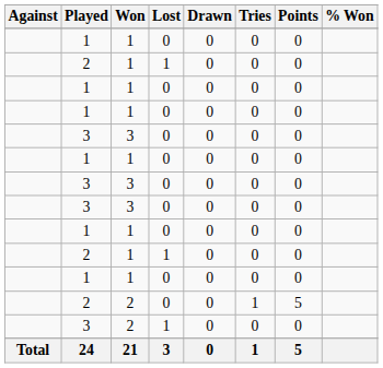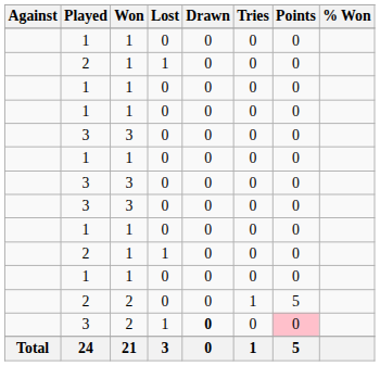 <table class="sortable wikitable" style="text-align: center;">
 <tr>
 </tr>
 <tr>
 <th>Against</th>
 <th>Played</th>
 <th>Won</th>
 <th>Lost</th>
 <th>Drawn</th>
 <th>Tries</th>
 <th>Points</th>
 <th>% Won</th>
 </tr>
 <tr bgcolor="#d0ffd0" align="center">
 </tr>
 <tr>
 <td align="left"></td>
 <td>1</td>
 <td>1</td>
 <td>0</td>
 <td>0</td>
 <td>0</td>
 <td>0</td>
 <td></td>
 </tr>
 <tr>
 <td align="left"></td>
 <td>2</td>
 <td>1</td>
 <td>1</td>
 <td>0</td>
 <td>0</td>
 <td>0</td>
 <td></td>
 </tr>
 <tr>
 <td align="left"></td>
 <td>1</td>
 <td>1</td>
 <td>0</td>
 <td>0</td>
 <td>0</td>
 <td>0</td>
 <td></td>
 </tr>
 <tr>
 <td align="left"></td>
 <td>1</td>
 <td>1</td>
 <td>0</td>
 <td>0</td>
 <td>0</td>
 <td>0</td>
 <td></td>
 </tr>
 <tr>
 <td align="left"></td>
 <td>3</td>
 <td>3</td>
 <td>0</td>
 <td>0</td>
 <td>0</td>
 <td>0</td>
 <td></td>
 </tr>
 <tr>
 <td align="left"></td>
 <td>1</td>
 <td>1</td>
 <td>0</td>
 <td>0</td>
 <td>0</td>
 <td>0</td>
 <td></td>
 </tr>
 <tr>
 <td align="left"></td>
 <td>3</td>
 <td>3</td>
 <td>0</td>
 <td>0</td>
 <td>0</td>
 <td>0</td>
 <td></td>
 </tr>
 <tr>
 <td align="left"></td>
 <td>3</td>
 <td>3</td>
 <td>0</td>
 <td>0</td>
 <td>0</td>
 <td>0</td>
 <td></td>
 </tr>
 <tr>
 <td align="left"></td>
 <td>1</td>
 <td>1</td>
 <td>0</td>
 <td>0</td>
 <td>0</td>
 <td>0</td>
 <td></td>
 </tr>
 <tr>
 <td align="left"></td>
 <td>2</td>
 <td>1</td>
 <td>1</td>
 <td>0</td>
 <td>0</td>
 <td>0</td>
 <td></td>
 </tr>
 <tr>
 <td align="left"></td>
 <td>1</td>
 <td>1</td>
 <td>0</td>
 <td>0</td>
 <td>0</td>
 <td>0</td>
 <td></td>
 </tr>
 <tr>
 <td align="left"></td>
 <td>2</td>
 <td>2</td>
 <td>0</td>
 <td>0</td>
 <td>1</td>
 <td>5</td>
 <td></td>
 </tr>
 <tr>
 <td align="left"></td>
 <td>3</td>
 <td>2</td>
 <td>1</td>
+<td><strong>0</strong></td>
 <td>0</td>
-<td>0</td>
-<td>0</td>
+<td style="background: pink;">0</td>
 <td></td>
 </tr>
 <tr>
 </tr>
 <tr class="sortbottom">
 <th>Total</th>
 <th>24</th>
 <th>21</th>
 <th>3</th>
 <th>0</th>
 <th>1</th>
 <th>5</th>
 <th></th>
 </tr>
 </table>
